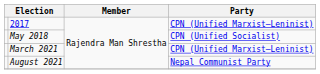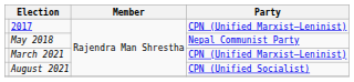 <table class="wikitable">
 <tr>
 <th colspan="2">Election</th>
 <th>Member</th>
 <th>Party</th>
 </tr>
 <tr>
 <td style="background-color:"></td>
 <td><a href='#'>2017</a></td>
 <td rowspan="4">Rajendra Man Shrestha</td>
 <td><a href='#'>CPN (Unified Marxist–Leninist)</a></td>
 </tr>
 <tr>
 <td style="background-color:"></td>
 <td><em>May 2018</em></td>
-<td><a href='#'>CPN (Unified Socialist)</a></td>
+<td><a href='#'>Nepal Communist Party</a></td>
 </tr>
 <tr>
 <td style="background-color:"></td>
 <td><em>March 2021</em></td>
 <td><a href='#'>CPN (Unified Marxist–Leninist)</a></td>
 </tr>
 <tr>
 <td style="background-color:"></td>
 <td><em>August 2021</em></td>
-<td><a href='#'>Nepal Communist Party</a></td>
+<td><a href='#'>CPN (Unified Socialist)</a></td>
 </tr>
 <tr>
 </tr>
 </table>
